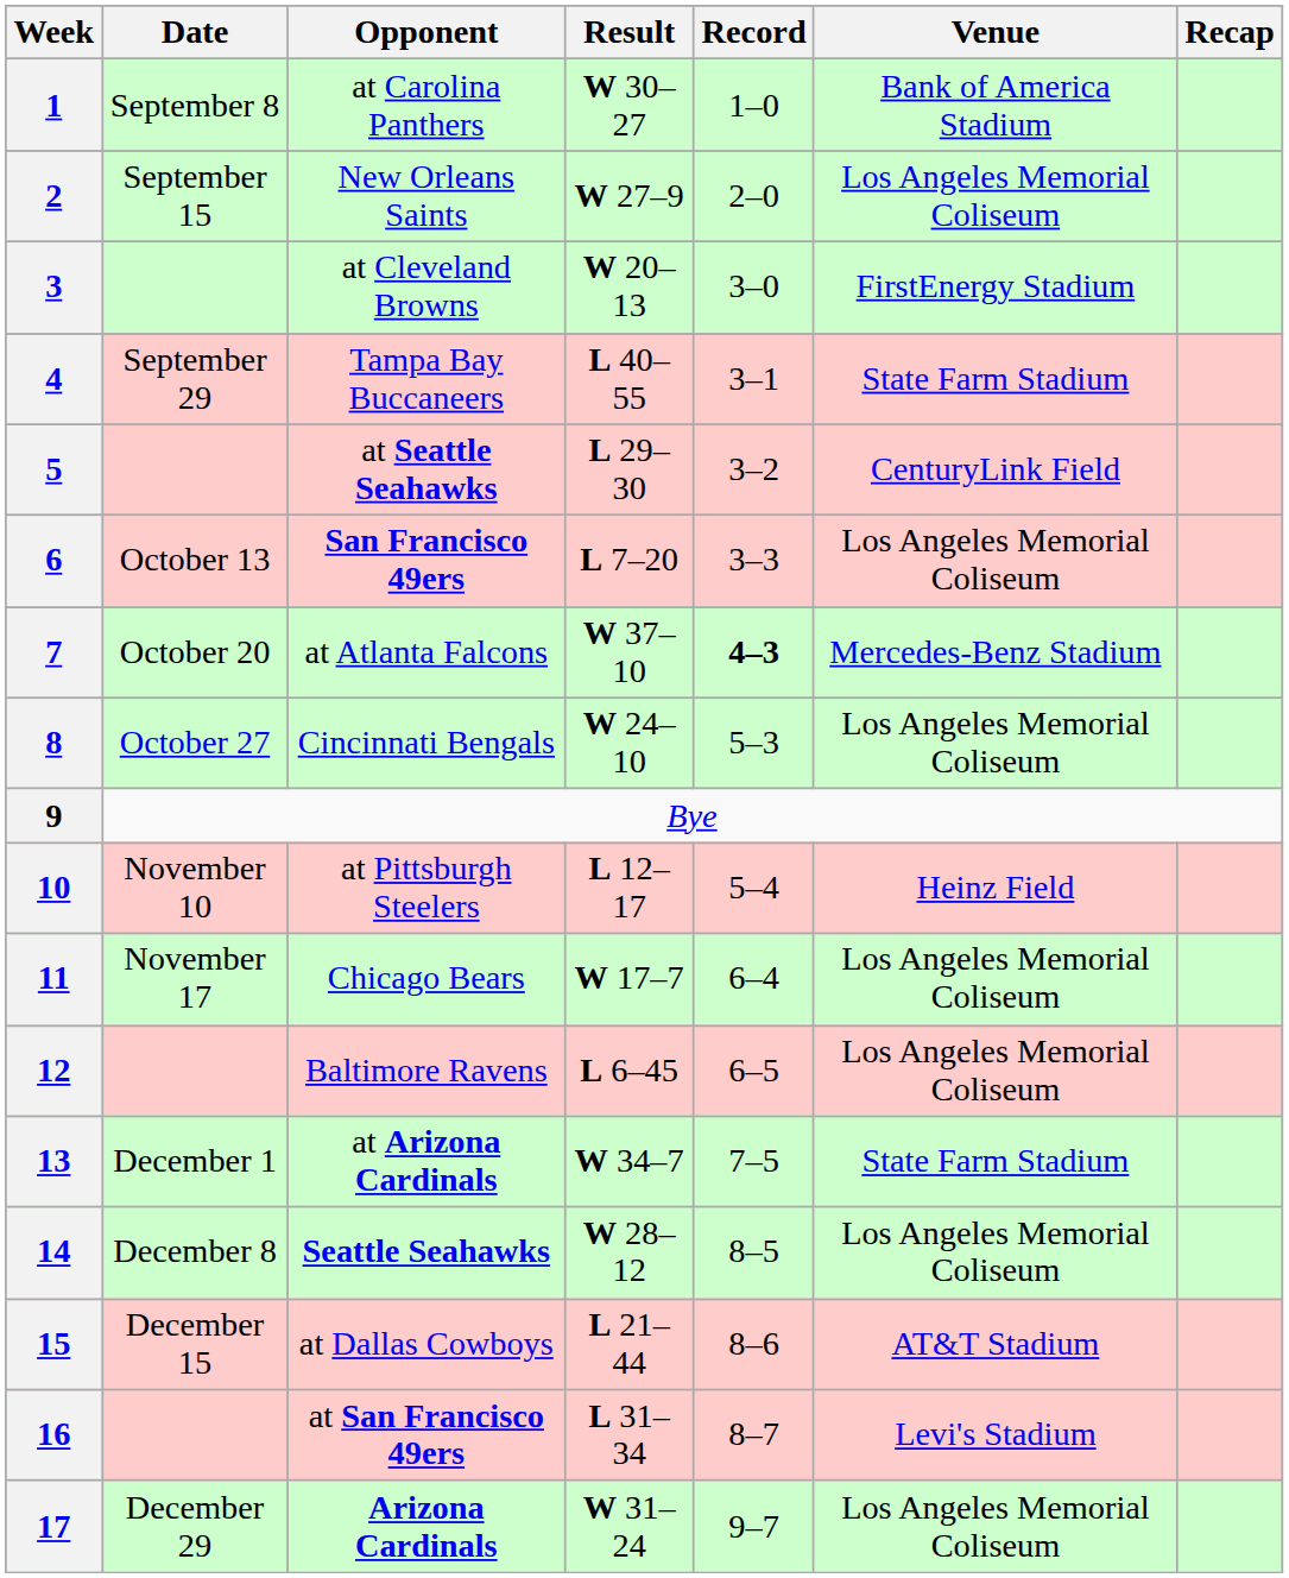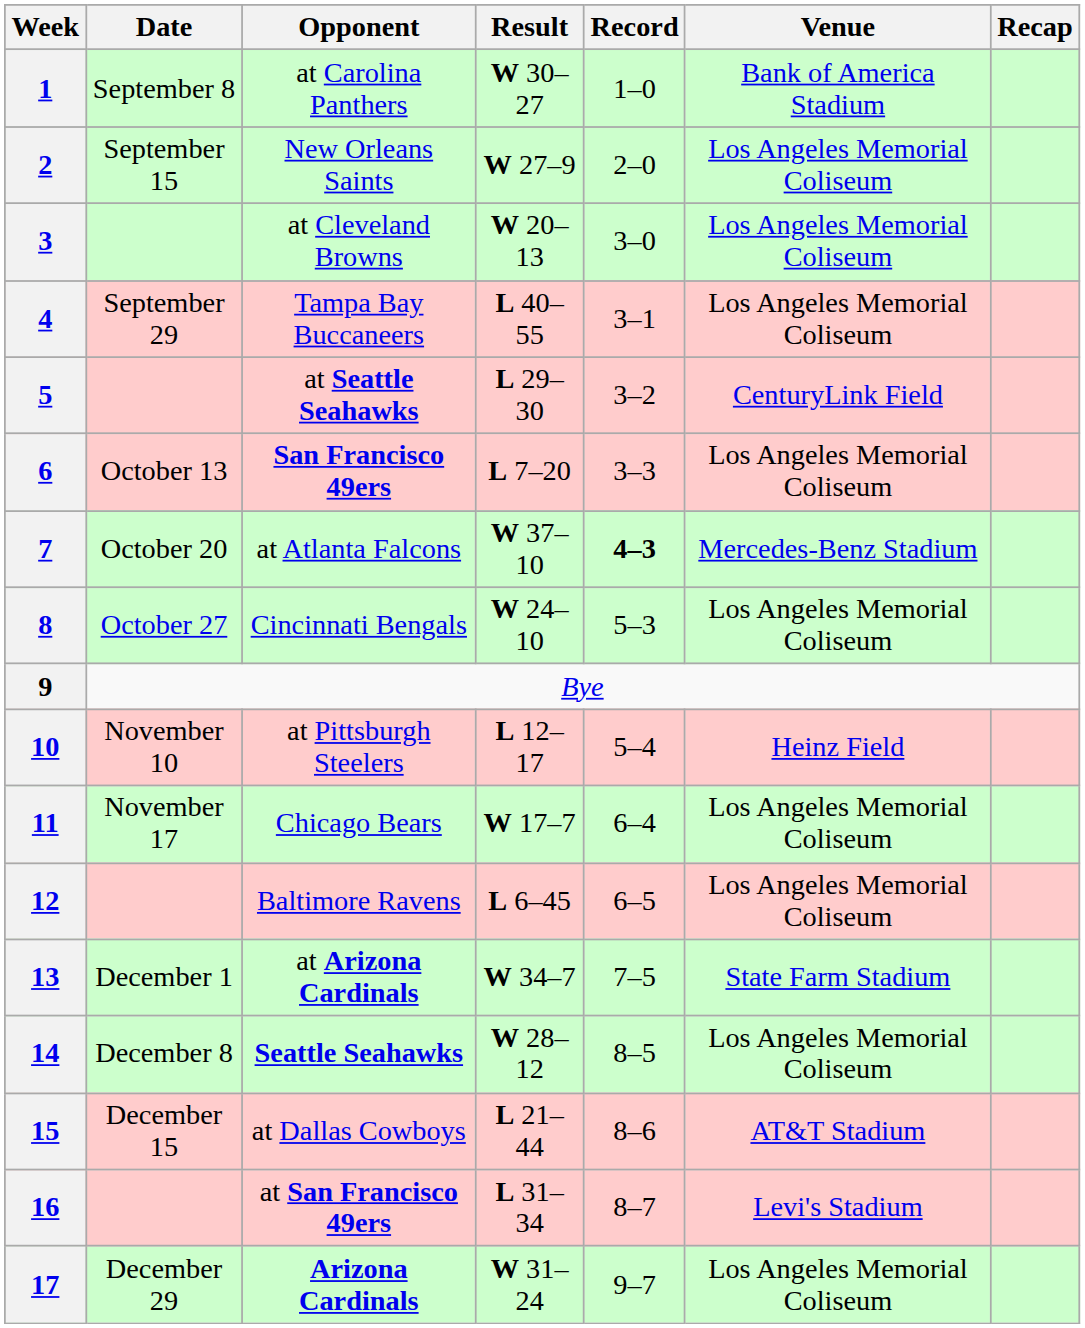 <table class="wikitable" style="text-align:center">
 <tr>
 <th>Week</th>
 <th>Date</th>
 <th>Opponent</th>
 <th>Result</th>
 <th>Record</th>
 <th>Venue</th>
 <th>Recap</th>
 </tr>
 <tr style="background:#cfc">
 <th><a href='#'>1</a></th>
 <td>September 8</td>
 <td>at <a href='#'>Carolina Panthers</a></td>
 <td><strong>W</strong> 30–27</td>
 <td>1–0</td>
 <td><a href='#'>Bank of America Stadium</a></td>
 <td></td>
 </tr>
 <tr style="background:#cfc">
 <th><a href='#'>2</a></th>
 <td>September 15</td>
 <td><a href='#'>New Orleans Saints</a></td>
 <td><strong>W</strong> 27–9</td>
 <td>2–0</td>
 <td><a href='#'>Los Angeles Memorial Coliseum</a></td>
 <td></td>
 </tr>
 <tr style="background:#cfc">
 <th><a href='#'>3</a></th>
 <td></td>
 <td>at <a href='#'>Cleveland Browns</a></td>
 <td><strong>W</strong> 20–13</td>
 <td>3–0</td>
-<td><a href='#'>FirstEnergy Stadium</a></td>
+<td><a href='#'>Los Angeles Memorial Coliseum</a></td>
 <td></td>
 </tr>
 <tr style="background:#fcc">
 <th><a href='#'>4</a></th>
 <td>September 29</td>
 <td><a href='#'>Tampa Bay Buccaneers</a></td>
 <td><strong>L</strong> 40–55</td>
 <td>3–1</td>
-<td><a href='#'>State Farm Stadium</a></td>
+<td>Los Angeles Memorial Coliseum</td>
 <td></td>
 </tr>
 <tr style="background:#fcc">
 <th><a href='#'>5</a></th>
 <td></td>
 <td>at <strong><a href='#'>Seattle Seahawks</a></strong></td>
 <td><strong>L</strong> 29–30</td>
 <td>3–2</td>
 <td><a href='#'>CenturyLink Field</a></td>
 <td></td>
 </tr>
 <tr style="background:#fcc">
 <th><a href='#'>6</a></th>
 <td>October 13</td>
 <td><strong><a href='#'>San Francisco 49ers</a></strong></td>
 <td><strong>L</strong> 7–20</td>
 <td>3–3</td>
 <td>Los Angeles Memorial Coliseum</td>
 <td></td>
 </tr>
 <tr style="background:#cfc">
 <th><a href='#'>7</a></th>
 <td>October 20</td>
 <td>at <a href='#'>Atlanta Falcons</a></td>
 <td><strong>W</strong> 37–10</td>
 <td><strong>4–3</strong></td>
 <td><a href='#'>Mercedes-Benz Stadium</a></td>
 <td></td>
 </tr>
 <tr style="background:#cfc">
 <th><a href='#'>8</a></th>
 <td><a href='#'>October 27</a></td>
 <td><a href='#'>Cincinnati Bengals</a></td>
 <td><strong>W</strong> 24–10</td>
 <td>5–3</td>
 <td>Los Angeles Memorial Coliseum</td>
 <td></td>
 </tr>
 <tr>
 <th>9</th>
 <td colspan="6"><em><a href='#'>Bye</a></em></td>
 </tr>
 <tr style="background:#fcc">
 <th><a href='#'>10</a></th>
 <td>November 10</td>
 <td>at <a href='#'>Pittsburgh Steelers</a></td>
 <td><strong>L</strong> 12–17</td>
 <td>5–4</td>
 <td><a href='#'>Heinz Field</a></td>
 <td></td>
 </tr>
 <tr style="background:#cfc">
 <th><a href='#'>11</a></th>
 <td>November 17</td>
 <td><a href='#'>Chicago Bears</a></td>
 <td><strong>W</strong> 17–7</td>
 <td>6–4</td>
 <td>Los Angeles Memorial Coliseum</td>
 <td></td>
 </tr>
 <tr style="background:#fcc">
 <th><a href='#'>12</a></th>
 <td></td>
 <td><a href='#'>Baltimore Ravens</a></td>
 <td><strong>L</strong> 6–45</td>
 <td>6–5</td>
 <td>Los Angeles Memorial Coliseum</td>
 <td></td>
 </tr>
 <tr style="background:#cfc">
 <th><a href='#'>13</a></th>
 <td>December 1</td>
 <td>at <strong><a href='#'>Arizona Cardinals</a></strong></td>
 <td><strong>W</strong> 34–7</td>
 <td>7–5</td>
 <td><a href='#'>State Farm Stadium</a></td>
 <td></td>
 </tr>
 <tr style="background:#cfc">
 <th><a href='#'>14</a></th>
 <td>December 8</td>
 <td><strong><a href='#'>Seattle Seahawks</a></strong></td>
 <td><strong>W</strong> 28–12</td>
 <td>8–5</td>
 <td>Los Angeles Memorial Coliseum</td>
 <td></td>
 </tr>
 <tr style="background:#fcc">
 <th><a href='#'>15</a></th>
 <td>December 15</td>
 <td>at <a href='#'>Dallas Cowboys</a></td>
 <td><strong>L</strong> 21–44</td>
 <td>8–6</td>
 <td><a href='#'>AT&T Stadium</a></td>
 <td></td>
 </tr>
 <tr style="background:#fcc">
 <th><a href='#'>16</a></th>
 <td></td>
 <td>at <strong><a href='#'>San Francisco 49ers</a></strong></td>
 <td><strong>L</strong> 31–34</td>
 <td>8–7</td>
 <td><a href='#'>Levi's Stadium</a></td>
 <td></td>
 </tr>
 <tr style="background:#cfc">
 <th><a href='#'>17</a></th>
 <td>December 29</td>
 <td><strong><a href='#'>Arizona Cardinals</a></strong></td>
 <td><strong>W</strong> 31–24</td>
 <td>9–7</td>
 <td>Los Angeles Memorial Coliseum</td>
 <td></td>
 </tr>
 </table>
